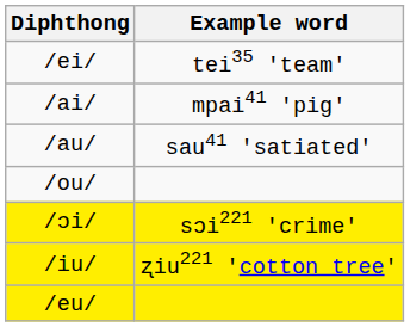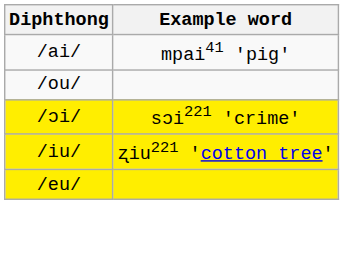 <table class="wikitable" style="text-align:center">
 <tr>
 <th>Diphthong</th>
 <th>Example word</th>
 </tr>
 <tr>
-<td>/ei/</td>
-<td>tei<sup>35</sup> 'team'</td>
-</tr>
-<tr>
 <td>/ai/</td>
 <td>mpai<sup>41</sup> 'pig'</td>
-</tr>
-<tr>
-<td>/au/</td>
-<td>sau<sup>41</sup> 'satiated'</td>
 </tr>
 <tr>
 <td>/ou/</td>
 <td></td>
 </tr>
 <tr>
 <td style="background:#ffee00;">/ɔi/</td>
 <td style="background:#ffee00;">sɔi<sup>221</sup> 'crime'</td>
 </tr>
 <tr>
 <td style="background:#ffee00;">/iu/</td>
 <td style="background:#ffee00;">ʐiu<sup>221</sup> '<a href='#'>cotton tree</a>'</td>
 </tr>
 <tr>
 <td style="background:#ffee00;">/eu/</td>
 <td style="background:#ffee00;"></td>
 </tr>
 </table>
